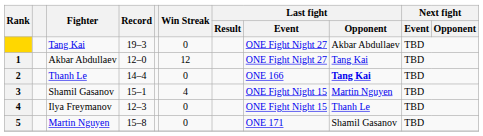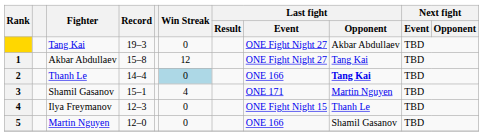 <table class="wikitable" style="display: inline-table;">
 <tr>
 <th rowspan=2>Rank</th>
 <th width=3% rowspan=2></th>
 <th rowspan=2>Fighter</th>
 <th rowspan=2>Record</th>
 <th rowspan=2></th>
 <th rowspan=2>Win Streak</th>
 <th colspan=3>Last fight</th>
 <th colspan=2>Next fight</th>
 </tr>
 <tr>
 <th>Result</th>
 <th>Event</th>
 <th>Opponent</th>
 <th>Event</th>
 <th>Opponent</th>
 </tr>
 <tr>
 <th style="background:gold"></th>
 <td></td>
 <td><a href='#'>Tang Kai</a></td>
 <td align="center">19–3</td>
 <td align="center"></td>
 <td align="center">0</td>
 <td></td>
 <td><a href='#'>ONE Fight Night 27</a></td>
 <td>Akbar Abdullaev</td>
 <td colspan="2">TBD</td>
 </tr>
 <tr>
 <th>1</th>
 <td></td>
 <td>Akbar Abdullaev</td>
-<td align="center">12–0</td>
+<td align="center">15–8</td>
 <td align="center"></td>
 <td align=center>12</td>
 <td></td>
 <td><a href='#'>ONE Fight Night 27</a></td>
 <td><a href='#'>Tang Kai</a></td>
 <td colspan=2>TBD</td>
 </tr>
 <tr>
 <th>2</th>
 <td></td>
 <td><a href='#'>Thanh Le</a></td>
 <td align="center">14–4</td>
 <td align="center"></td>
-<td align=center>0</td>
+<td align=center style="background: lightblue;">0</td>
 <td></td>
 <td><a href='#'>ONE 166</a></td>
 <td><strong><a href='#'>Tang Kai</a></strong></td>
 <td colspan=2>TBD</td>
 </tr>
 <tr>
 <th>3</th>
 <td></td>
 <td>Shamil Gasanov</td>
 <td align="center">15–1</td>
 <td align="center"></td>
 <td align=center>4</td>
 <td></td>
-<td><a href='#'>ONE Fight Night 15</a></td>
+<td><a href='#'>ONE 171</a></td>
 <td><a href='#'>Martin Nguyen</a></td>
 <td colspan="2">TBD</td>
 </tr>
 <tr>
 <th>4</th>
 <td></td>
 <td>Ilya Freymanov</td>
 <td align="center">12–3</td>
 <td align="center"></td>
 <td align=center>0</td>
 <td></td>
 <td><a href='#'>ONE Fight Night 15</a></td>
 <td><a href='#'>Thanh Le</a></td>
 <td colspan="2">TBD</td>
 </tr>
 <tr>
 <th>5</th>
 <td></td>
 <td><a href='#'>Martin Nguyen</a></td>
-<td align="center">15–8</td>
+<td align="center">12–0</td>
 <td align="center"></td>
 <td align=center>0</td>
 <td></td>
-<td><a href='#'>ONE 171</a></td>
+<td><a href='#'>ONE 166</a></td>
 <td>Shamil Gasanov</td>
 <td colspan="2">TBD</td>
 </tr>
 <tr>
 </tr>
 </table>
